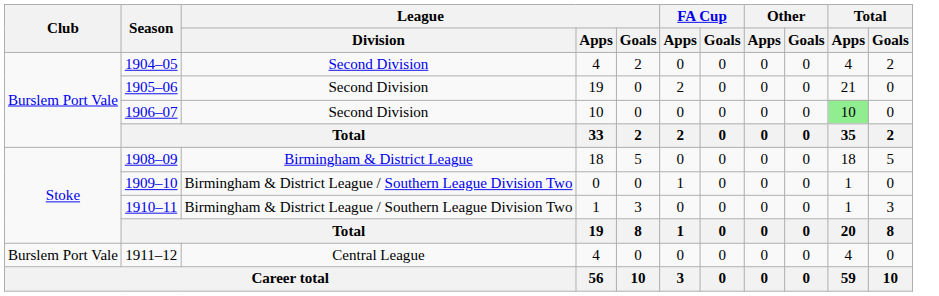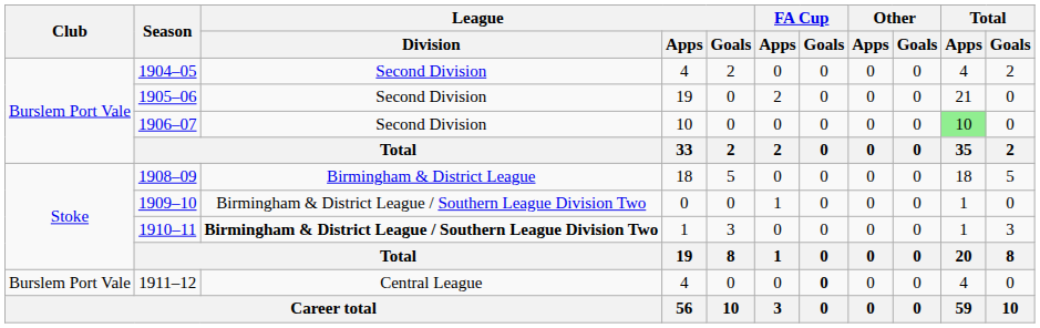 <table class="wikitable" style="text-align:center">
 <tr>
 <th rowspan="2">Club</th>
 <th rowspan="2">Season</th>
 <th colspan="3">League</th>
 <th colspan="2"><a href='#'>FA Cup</a></th>
 <th colspan="2">Other</th>
 <th colspan="2">Total</th>
 </tr>
 <tr>
 <th>Division</th>
 <th>Apps</th>
 <th>Goals</th>
 <th>Apps</th>
 <th>Goals</th>
 <th>Apps</th>
 <th>Goals</th>
 <th>Apps</th>
 <th>Goals</th>
 </tr>
 <tr>
 <td rowspan="4"><a href='#'>Burslem Port Vale</a></td>
 <td><a href='#'>1904–05</a></td>
 <td><a href='#'>Second Division</a></td>
 <td>4</td>
 <td>2</td>
 <td>0</td>
 <td>0</td>
 <td>0</td>
 <td>0</td>
 <td>4</td>
 <td>2</td>
 </tr>
 <tr>
 <td><a href='#'>1905–06</a></td>
 <td>Second Division</td>
 <td>19</td>
 <td>0</td>
 <td>2</td>
 <td>0</td>
 <td>0</td>
 <td>0</td>
 <td>21</td>
 <td>0</td>
 </tr>
 <tr>
 <td><a href='#'>1906–07</a></td>
 <td>Second Division</td>
 <td>10</td>
 <td>0</td>
 <td>0</td>
 <td>0</td>
 <td>0</td>
 <td>0</td>
 <td style="background: lightgreen;">10</td>
 <td>0</td>
 </tr>
 <tr>
 <th colspan="2">Total</th>
 <th>33</th>
 <th>2</th>
 <th>2</th>
 <th>0</th>
 <th>0</th>
 <th>0</th>
 <th>35</th>
 <th>2</th>
 </tr>
 <tr>
 <td rowspan="4"><a href='#'>Stoke</a></td>
 <td><a href='#'>1908–09</a></td>
 <td><a href='#'>Birmingham & District League</a></td>
 <td>18</td>
 <td>5</td>
 <td>0</td>
 <td>0</td>
 <td>0</td>
 <td>0</td>
 <td>18</td>
 <td>5</td>
 </tr>
 <tr>
 <td><a href='#'>1909–10</a></td>
 <td>Birmingham & District League / <a href='#'>Southern League Division Two</a></td>
 <td>0</td>
 <td>0</td>
 <td>1</td>
 <td>0</td>
 <td>0</td>
 <td>0</td>
 <td>1</td>
 <td>0</td>
 </tr>
 <tr>
 <td><a href='#'>1910–11</a></td>
-<td>Birmingham & District League / Southern League Division Two</td>
+<td><strong>Birmingham & District League / Southern League Division Two</strong></td>
 <td>1</td>
 <td>3</td>
 <td>0</td>
 <td>0</td>
 <td>0</td>
 <td>0</td>
 <td>1</td>
 <td>3</td>
 </tr>
 <tr>
 <th colspan="2">Total</th>
 <th>19</th>
 <th>8</th>
 <th>1</th>
 <th>0</th>
 <th>0</th>
 <th>0</th>
 <th>20</th>
 <th>8</th>
 </tr>
 <tr>
 <td>Burslem Port Vale</td>
 <td>1911–12</td>
 <td>Central League</td>
 <td>4</td>
 <td>0</td>
 <td>0</td>
-<td>0</td>
+<td><strong>0</strong></td>
 <td>0</td>
 <td>0</td>
 <td>4</td>
 <td>0</td>
 </tr>
 <tr>
 <th colspan="3">Career total</th>
 <th>56</th>
 <th>10</th>
 <th>3</th>
 <th>0</th>
 <th>0</th>
 <th>0</th>
 <th>59</th>
 <th>10</th>
 </tr>
 </table>
